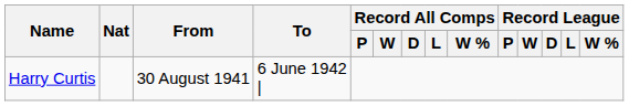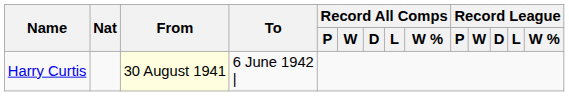 <table class="wikitable" style="text-align: center">
 <tr>
 <th rowspan="2">Name</th>
 <th rowspan="2">Nat</th>
 <th rowspan="2">From</th>
 <th rowspan="2">To</th>
 <th colspan="5">Record All Comps</th>
 <th colspan="5">Record League</th>
 </tr>
 <tr>
 <th>P</th>
 <th>W</th>
 <th>D</th>
 <th>L</th>
 <th>W %</th>
 <th>P</th>
 <th>W</th>
 <th>D</th>
 <th>L</th>
 <th>W %</th>
 </tr>
 <tr>
 <td align=left><a href='#'>Harry Curtis</a></td>
 <td></td>
-<td align=left>30 August 1941</td>
+<td align=left style="background: lightyellow;">30 August 1941</td>
 <td align=left>6 June 1942<br>|</td>
 </tr>
 </table>
